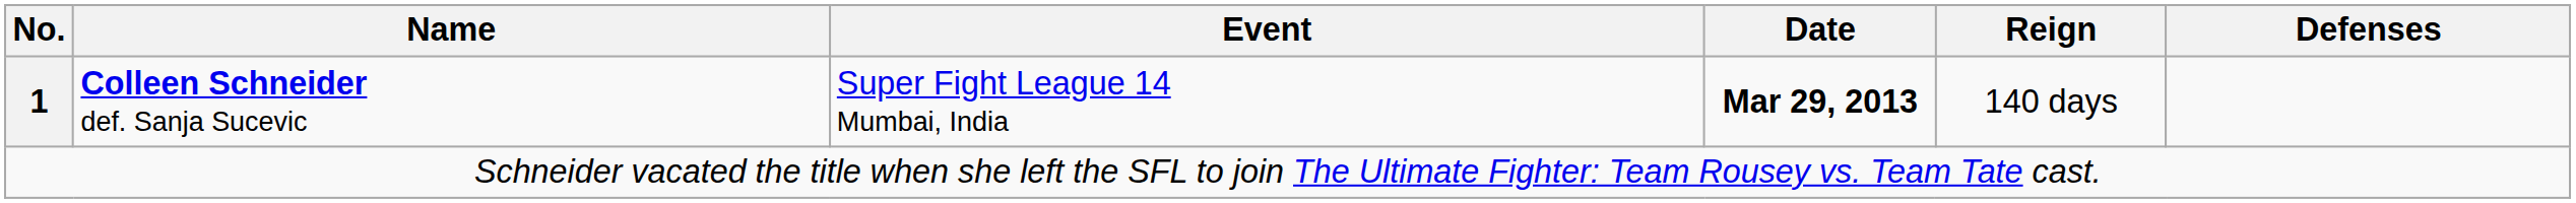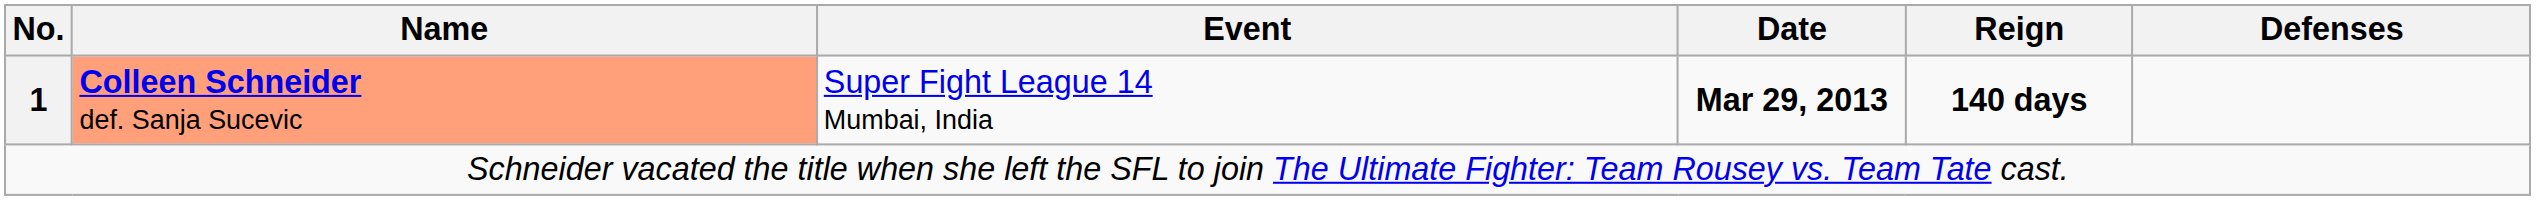 <table class="wikitable" width="99%">
 <tr>
 <th width="2%">No.</th>
 <th>Name</th>
 <th>Event</th>
 <th width="9%">Date</th>
 <th width="9%">Reign</th>
 <th>Defenses</th>
 </tr>
 <tr>
 <th>1</th>
-<td> <strong><a href='#'>Colleen Schneider</a></strong><br><small>def. Sanja Sucevic</small></td>
+<td style="background: lightsalmon;"> <strong><a href='#'>Colleen Schneider</a></strong><br><small>def. Sanja Sucevic</small></td>
 <td><a href='#'>Super Fight League 14</a><br><small>Mumbai, India</small></td>
 <td align="center"><strong>Mar 29, 2013</strong></td>
-<td align="center">140 days</td>
+<td align="center"><strong>140 days</strong></td>
 <td></td>
 </tr>
 <tr>
 <td align="center" colspan="6"><em>Schneider vacated the title when she left the SFL to join <a href='#'>The Ultimate Fighter: Team Rousey vs. Team Tate</a> cast.</em></td>
 </tr>
 </table>
